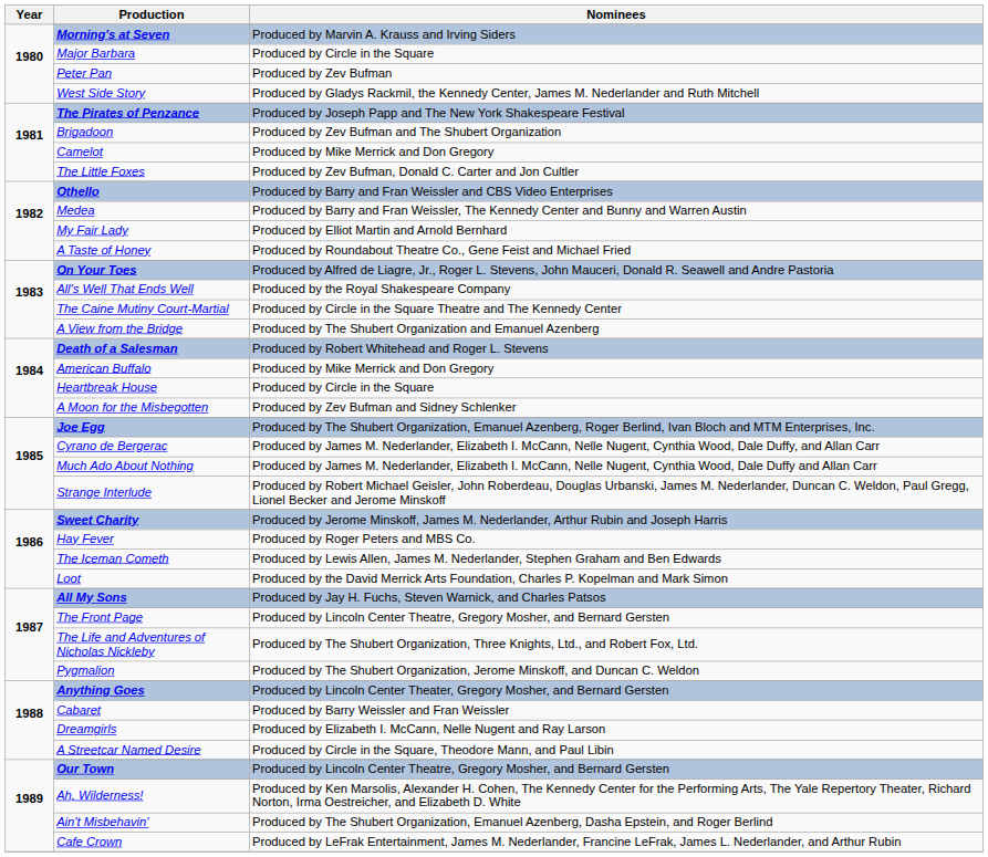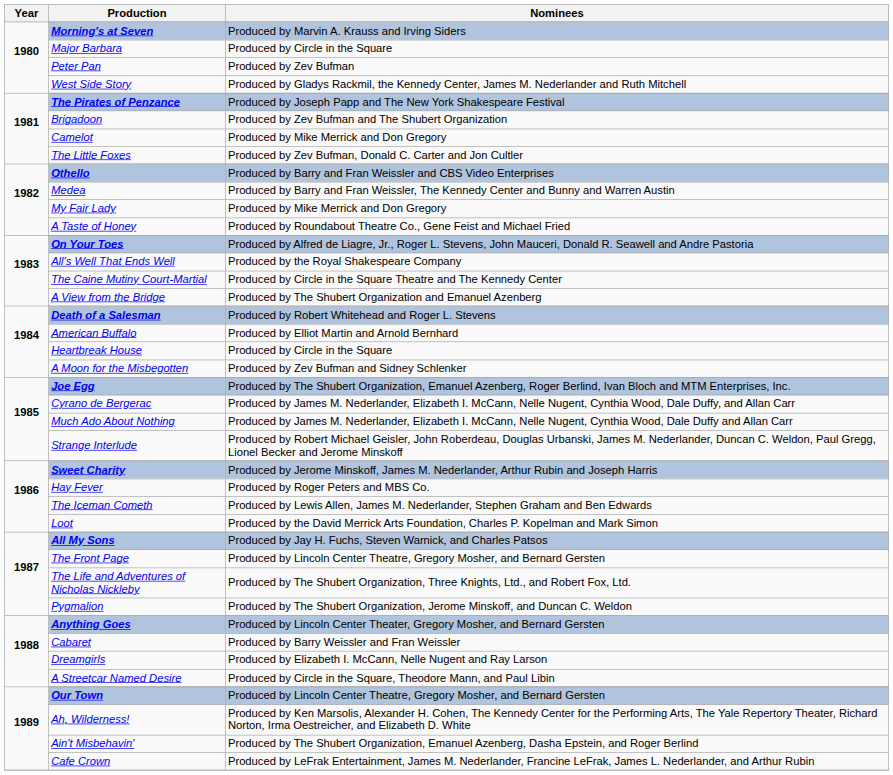 <table class="wikitable" style="width:100%;">
 <tr style="background:#bebebe;">
 <th style="width:5%;">Year</th>
 <th style="width:20%;">Production</th>
 <th style="width:75%;">Nominees</th>
 </tr>
 <tr>
 <td rowspan="5" align="center"><strong>1980</strong><br><br></td>
 </tr>
 <tr style="background:#B0C4DE">
 <td><strong><em><a href='#'>Morning's at Seven</a></em></strong></td>
 <td>Produced by Marvin A. Krauss and Irving Siders</td>
 </tr>
 <tr>
 <td><em><a href='#'>Major Barbara</a></em></td>
 <td>Produced by Circle in the Square</td>
 </tr>
 <tr>
 <td><em><a href='#'>Peter Pan</a></em></td>
 <td>Produced by Zev Bufman</td>
 </tr>
 <tr>
 <td><em><a href='#'>West Side Story</a></em></td>
 <td>Produced by Gladys Rackmil, the Kennedy Center, James M. Nederlander and Ruth Mitchell</td>
 </tr>
 <tr>
 <td rowspan="5" align="center"><strong>1981</strong><br><br></td>
 </tr>
 <tr style="background:#B0C4DE">
 <td><strong><em><a href='#'>The Pirates of Penzance</a></em></strong></td>
 <td>Produced by Joseph Papp and The New York Shakespeare Festival</td>
 </tr>
 <tr>
 <td><em><a href='#'>Brigadoon</a></em></td>
 <td>Produced by Zev Bufman and The Shubert Organization</td>
 </tr>
 <tr>
 <td><em><a href='#'>Camelot</a></em></td>
 <td>Produced by Mike Merrick and Don Gregory</td>
 </tr>
 <tr>
 <td><em><a href='#'>The Little Foxes</a></em></td>
 <td>Produced by Zev Bufman, Donald C. Carter and Jon Cultler</td>
 </tr>
 <tr>
 <td rowspan="5" align="center"><strong>1982</strong><br><br></td>
 </tr>
 <tr style="background:#B0C4DE">
 <td><strong><em><a href='#'>Othello</a></em></strong></td>
 <td>Produced by Barry and Fran Weissler and CBS Video Enterprises</td>
 </tr>
 <tr>
 <td><em><a href='#'>Medea</a></em></td>
 <td>Produced by Barry and Fran Weissler, The Kennedy Center and Bunny and Warren Austin</td>
 </tr>
 <tr>
 <td><em><a href='#'>My Fair Lady</a></em></td>
-<td>Produced by Elliot Martin and Arnold Bernhard</td>
+<td>Produced by Mike Merrick and Don Gregory</td>
 </tr>
 <tr>
 <td><em><a href='#'>A Taste of Honey</a></em></td>
 <td>Produced by Roundabout Theatre Co., Gene Feist and Michael Fried</td>
 </tr>
 <tr>
 <td rowspan="5" align="center"><strong>1983</strong><br><br></td>
 </tr>
 <tr style="background:#B0C4DE">
 <td><strong><em><a href='#'>On Your Toes</a></em></strong></td>
 <td>Produced by Alfred de Liagre, Jr., Roger L. Stevens, John Mauceri, Donald R. Seawell and Andre Pastoria</td>
 </tr>
 <tr>
 <td><em><a href='#'>All's Well That Ends Well</a></em></td>
 <td>Produced by the Royal Shakespeare Company</td>
 </tr>
 <tr>
 <td><em><a href='#'>The Caine Mutiny Court-Martial</a></em></td>
 <td>Produced by Circle in the Square Theatre and The Kennedy Center</td>
 </tr>
 <tr>
 <td><em><a href='#'>A View from the Bridge</a></em></td>
 <td>Produced by The Shubert Organization and Emanuel Azenberg</td>
 </tr>
 <tr>
 <td rowspan="5" align="center"><strong>1984</strong><br><br></td>
 </tr>
 <tr style="background:#B0C4DE">
 <td><strong><em><a href='#'>Death of a Salesman</a></em></strong></td>
 <td>Produced by Robert Whitehead and Roger L. Stevens</td>
 </tr>
 <tr>
 <td><em><a href='#'>American Buffalo</a></em></td>
-<td>Produced by Mike Merrick and Don Gregory</td>
+<td>Produced by Elliot Martin and Arnold Bernhard</td>
 </tr>
 <tr>
 <td><em><a href='#'>Heartbreak House</a></em></td>
 <td>Produced by Circle in the Square</td>
 </tr>
 <tr>
 <td><em><a href='#'>A Moon for the Misbegotten</a></em></td>
 <td>Produced by Zev Bufman and Sidney Schlenker</td>
 </tr>
 <tr>
 <td rowspan="5" align="center"><strong>1985</strong><br><br></td>
 </tr>
 <tr style="background:#B0C4DE">
 <td><strong><em><a href='#'>Joe Egg</a></em></strong></td>
 <td>Produced by The Shubert Organization, Emanuel Azenberg, Roger Berlind, Ivan Bloch and MTM Enterprises, Inc.</td>
 </tr>
 <tr>
 <td><em><a href='#'>Cyrano de Bergerac</a></em></td>
 <td>Produced by James M. Nederlander, Elizabeth I. McCann, Nelle Nugent, Cynthia Wood, Dale Duffy, and Allan Carr</td>
 </tr>
 <tr>
 <td><em><a href='#'>Much Ado About Nothing</a></em></td>
 <td>Produced by James M. Nederlander, Elizabeth I. McCann, Nelle Nugent, Cynthia Wood, Dale Duffy and Allan Carr</td>
 </tr>
 <tr>
 <td><em><a href='#'>Strange Interlude</a></em></td>
 <td>Produced by Robert Michael Geisler, John Roberdeau, Douglas Urbanski, James M. Nederlander, Duncan C. Weldon, Paul Gregg, Lionel Becker and Jerome Minskoff</td>
 </tr>
 <tr>
 <td rowspan="5" align="center"><strong>1986</strong><br><br></td>
 </tr>
 <tr style="background:#B0C4DE">
 <td><strong><em><a href='#'>Sweet Charity</a></em></strong></td>
 <td>Produced by Jerome Minskoff, James M. Nederlander, Arthur Rubin and Joseph Harris</td>
 </tr>
 <tr>
 <td><em><a href='#'>Hay Fever</a></em></td>
 <td>Produced by Roger Peters and MBS Co.</td>
 </tr>
 <tr>
 <td><em><a href='#'>The Iceman Cometh</a></em></td>
 <td>Produced by Lewis Allen, James M. Nederlander, Stephen Graham and Ben Edwards</td>
 </tr>
 <tr>
 <td><em><a href='#'>Loot</a></em></td>
 <td>Produced by the David Merrick Arts Foundation, Charles P. Kopelman and Mark Simon</td>
 </tr>
 <tr>
 <td rowspan="5" align="center"><strong>1987</strong><br><br></td>
 </tr>
 <tr style="background:#B0C4DE">
 <td><strong><em><a href='#'>All My Sons</a></em></strong></td>
 <td>Produced by Jay H. Fuchs, Steven Warnick, and Charles Patsos</td>
 </tr>
 <tr>
 <td><em><a href='#'>The Front Page</a></em></td>
 <td>Produced by Lincoln Center Theatre, Gregory Mosher, and Bernard Gersten</td>
 </tr>
 <tr>
 <td><em><a href='#'>The Life and Adventures of Nicholas Nickleby</a></em></td>
 <td>Produced by The Shubert Organization, Three Knights, Ltd., and Robert Fox, Ltd.</td>
 </tr>
 <tr>
 <td><em><a href='#'>Pygmalion</a></em></td>
 <td>Produced by The Shubert Organization, Jerome Minskoff, and Duncan C. Weldon</td>
 </tr>
 <tr>
 <td rowspan="5" style="text-align:center"><strong>1988</strong><br><br></td>
 </tr>
 <tr style="background:#B0C4DE">
 <td><strong><em><a href='#'>Anything Goes</a></em></strong></td>
 <td>Produced by Lincoln Center Theater, Gregory Mosher, and Bernard Gersten</td>
 </tr>
 <tr>
 <td><em><a href='#'>Cabaret</a></em></td>
 <td>Produced by Barry Weissler and Fran Weissler</td>
 </tr>
 <tr>
 <td><em><a href='#'>Dreamgirls</a></em></td>
 <td>Produced by Elizabeth I. McCann, Nelle Nugent and Ray Larson</td>
 </tr>
 <tr>
 <td><em><a href='#'>A Streetcar Named Desire</a></em></td>
 <td>Produced by Circle in the Square, Theodore Mann, and Paul Libin</td>
 </tr>
 <tr>
 <td rowspan="5" align="center"><strong>1989</strong><br><br></td>
 </tr>
 <tr style="background:#B0C4DE">
 <td><strong><em><a href='#'>Our Town</a></em></strong></td>
 <td>Produced by Lincoln Center Theatre, Gregory Mosher, and Bernard Gersten</td>
 </tr>
 <tr>
 <td><em><a href='#'>Ah, Wilderness!</a></em></td>
 <td>Produced by Ken Marsolis, Alexander H. Cohen, The Kennedy Center for the Performing Arts, The Yale Repertory Theater, Richard Norton, Irma Oestreicher, and Elizabeth D. White</td>
 </tr>
 <tr>
 <td><em><a href='#'>Ain't Misbehavin'</a></em></td>
 <td>Produced by The Shubert Organization, Emanuel Azenberg, Dasha Epstein, and Roger Berlind</td>
 </tr>
 <tr>
 <td><em><a href='#'>Cafe Crown</a></em></td>
 <td>Produced by LeFrak Entertainment, James M. Nederlander, Francine LeFrak, James L. Nederlander, and Arthur Rubin</td>
 </tr>
 <tr>
 </tr>
 </table>
